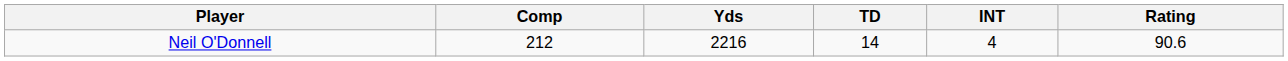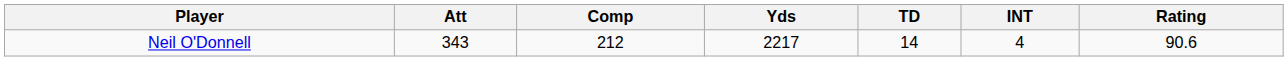 <table class="wikitable" width="80%" style="text-align:center">
 <tr>
 <th>Player</th>
+<th>Att</th>
 <th>Comp</th>
 <th>Yds</th>
 <th>TD</th>
 <th>INT</th>
 <th>Rating</th>
 </tr>
 <tr>
 <td><a href='#'>Neil O'Donnell</a></td>
+<td>343</td>
 <td>212</td>
-<td>2216</td>
+<td>2217</td>
 <td>14</td>
 <td>4</td>
 <td>90.6</td>
 </tr>
 </table>
